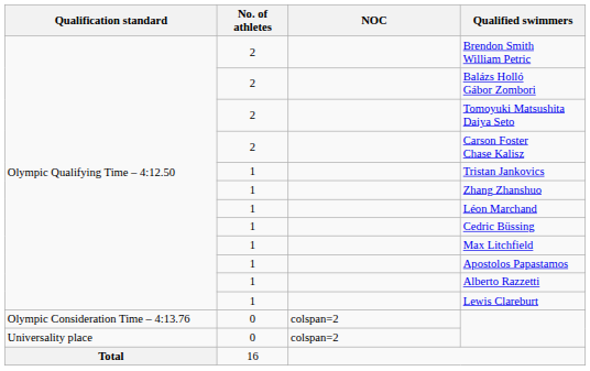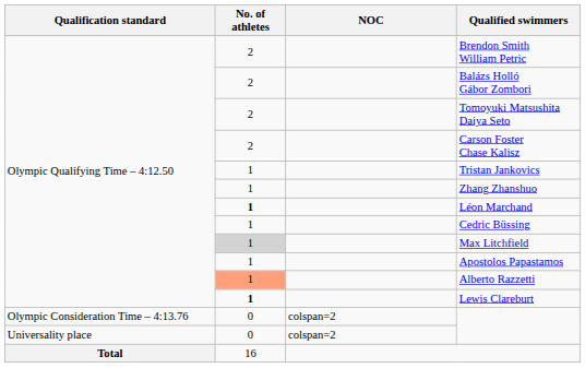 <table class=wikitable style="text-align:left" width=800>
 <tr>
 <th scope="col">Qualification standard</th>
 <th scope="col" width =90>No. of athletes</th>
 <th scope="col" width =230>NOC</th>
 <th scope="col">Qualified swimmers</th>
 </tr>
 <tr>
 <td rowspan=12>Olympic Qualifying Time – 4:12.50</td>
 <td align=center>2</td>
 <td></td>
 <td><a href='#'>Brendon Smith</a><br><a href='#'>William Petric</a></td>
 </tr>
 <tr>
 <td align=center>2</td>
 <td></td>
 <td><a href='#'>Balázs Holló</a><br><a href='#'>Gábor Zombori</a></td>
 </tr>
 <tr>
 <td align=center>2</td>
 <td></td>
 <td><a href='#'>Tomoyuki Matsushita</a><br><a href='#'>Daiya Seto</a></td>
 </tr>
 <tr>
 <td align=center>2</td>
 <td></td>
 <td><a href='#'>Carson Foster</a><br><a href='#'>Chase Kalisz</a></td>
 </tr>
 <tr>
 <td align=center>1</td>
 <td></td>
 <td><a href='#'>Tristan Jankovics</a></td>
 </tr>
 <tr>
 <td align=center>1</td>
 <td></td>
 <td><a href='#'>Zhang Zhanshuo</a></td>
 </tr>
 <tr>
-<td align=center>1</td>
+<td align=center><strong>1</strong></td>
 <td></td>
 <td><a href='#'>Léon Marchand</a></td>
 </tr>
 <tr>
 <td align=center>1</td>
 <td></td>
 <td><a href='#'>Cedric Büssing</a></td>
 </tr>
 <tr>
-<td align=center>1</td>
+<td align=center style="background: lightgrey;">1</td>
 <td></td>
 <td><a href='#'>Max Litchfield</a></td>
 </tr>
 <tr>
 <td align=center>1</td>
 <td></td>
 <td><a href='#'>Apostolos Papastamos</a></td>
 </tr>
 <tr>
-<td align=center>1</td>
+<td align=center style="background: lightsalmon;">1</td>
 <td></td>
 <td><a href='#'>Alberto Razzetti</a></td>
 </tr>
 <tr>
-<td align=center>1</td>
+<td align=center><strong>1</strong></td>
 <td></td>
 <td><a href='#'>Lewis Clareburt</a></td>
 </tr>
 <tr>
 <td>Olympic Consideration Time – 4:13.76</td>
 <td align=center>0</td>
 <td>colspan=2 </td>
 </tr>
 <tr>
 <td>Universality place</td>
 <td align=center>0</td>
 <td>colspan=2 </td>
 </tr>
 <tr>
 <th scope="row">Total</th>
 <td align=center>16</td>
 <td colspan=2></td>
 </tr>
 </table>
